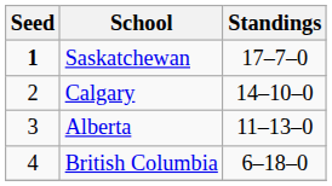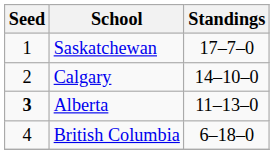 <table class="wikitable">
 <tr>
 <th>Seed</th>
 <th>School</th>
 <th>Standings</th>
 </tr>
 <tr>
-<td align=center><strong>1</strong></td>
+<td align=center>1</td>
 <td><a href='#'>Saskatchewan</a></td>
 <td align=center>17–7–0</td>
 </tr>
 <tr>
 <td align=center>2</td>
 <td><a href='#'>Calgary</a></td>
 <td align=center>14–10–0</td>
 </tr>
 <tr>
-<td align=center>3</td>
+<td align=center><strong>3</strong></td>
 <td><a href='#'>Alberta</a></td>
 <td align=center>11–13–0</td>
 </tr>
 <tr>
 <td align=center>4</td>
 <td><a href='#'>British Columbia</a></td>
 <td align=center>6–18–0</td>
 </tr>
 <tr>
 </tr>
 </table>
